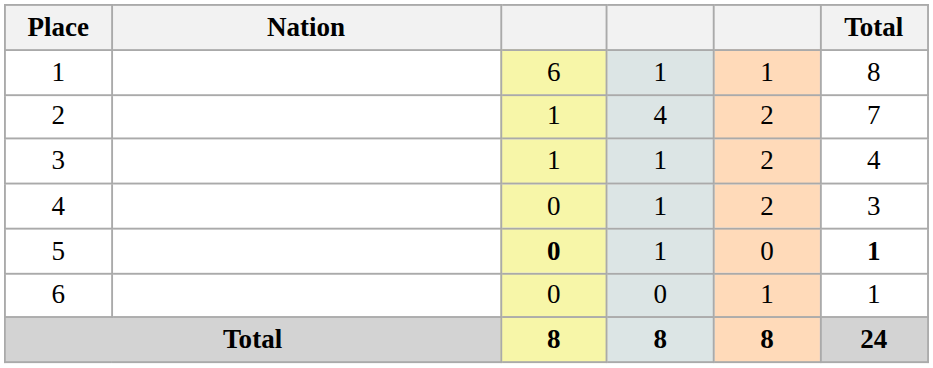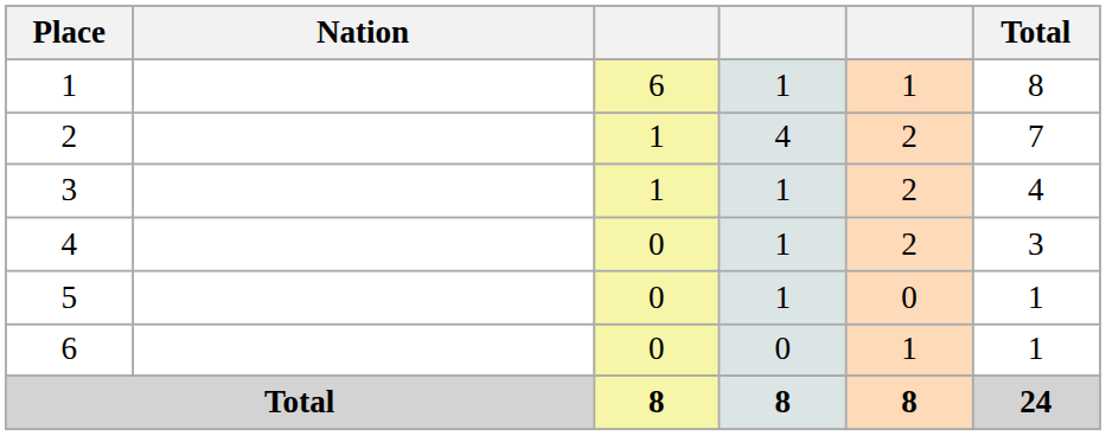 <table class=wikitable style="border:1px solid #AAAAAA;font-size:90%">
 <tr bgcolor="#EFEFEF">
 <th width=50>Place</th>
 <th width=200>Nation</th>
 <th width=50></th>
 <th width=50></th>
 <th width=50></th>
 <th width=50>Total</th>
 </tr>
 <tr align="center" valign="top" bgcolor="#FFFFFF">
 <td>1</td>
 <td align="left"></td>
 <td style="background:#F7F6A8;">6</td>
 <td style="background:#DCE5E5;">1</td>
 <td style="background:#FFDAB9;">1</td>
 <td>8</td>
 </tr>
 <tr align="center" valign="top" bgcolor="#FFFFFF">
 <td>2</td>
 <td align="left"></td>
 <td style="background:#F7F6A8;">1</td>
 <td style="background:#DCE5E5;">4</td>
 <td style="background:#FFDAB9;">2</td>
 <td>7</td>
 </tr>
 <tr align="center" valign="top" bgcolor="#FFFFFF">
 <td>3</td>
 <td align="left"></td>
 <td style="background:#F7F6A8;">1</td>
 <td style="background:#DCE5E5;">1</td>
 <td style="background:#FFDAB9;">2</td>
 <td>4</td>
 </tr>
 <tr align="center" valign="top" bgcolor="#FFFFFF">
 <td>4</td>
 <td align="left"></td>
 <td style="background:#F7F6A8;">0</td>
 <td style="background:#DCE5E5;">1</td>
 <td style="background:#FFDAB9;">2</td>
 <td>3</td>
 </tr>
 <tr align="center" valign="top" bgcolor="#FFFFFF">
 <td>5</td>
 <td align="left"></td>
-<td style="background:#F7F6A8;"><strong>0</strong></td>
+<td style="background:#F7F6A8;">0</td>
 <td style="background:#DCE5E5;">1</td>
 <td style="background:#FFDAB9;">0</td>
-<td><strong>1</strong></td>
+<td>1</td>
 </tr>
 <tr align="center" valign="top" bgcolor="#FFFFFF">
 <td>6</td>
 <td align="left"></td>
 <td style="background:#F7F6A8;">0</td>
 <td style="background:#DCE5E5;">0</td>
 <td style="background:#FFDAB9;">1</td>
 <td>1</td>
 </tr>
 <tr align="center">
 <td colspan="2" bgcolor=D3D3D3><strong>Total</strong></td>
 <td style="background:#F7F6A8;"><strong>8</strong></td>
 <td style="background:#DCE5E5;"><strong>8</strong></td>
 <td style="background:#FFDAB9;"><strong>8</strong></td>
 <td bgcolor=D3D3D3><strong>24</strong></td>
 </tr>
 </table>
